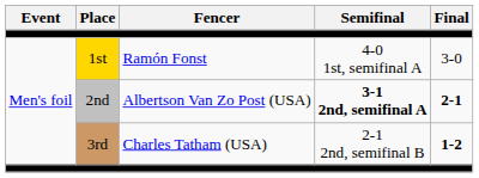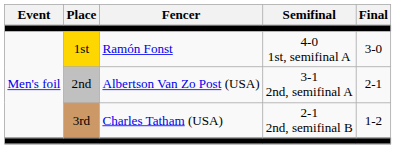 <table class=wikitable>
 <tr>
 <th>Event</th>
 <th>Place</th>
 <th>Fencer</th>
 <th>Semifinal</th>
 <th>Final</th>
 </tr>
 <tr bgcolor=black>
 <td colspan=5></td>
 </tr>
 <tr align=center>
 <td rowspan=3><a href='#'>Men's foil</a></td>
 <td bgcolor=gold>1st</td>
 <td align=left><a href='#'>Ramón Fonst</a></td>
 <td>4-0 <br> 1st, semifinal A</td>
 <td>3-0</td>
 </tr>
 <tr align=center>
 <td bgcolor=silver>2nd</td>
 <td align=left><a href='#'>Albertson Van Zo Post</a> (USA)</td>
-<td><strong>3-1 <br> 2nd, semifinal A</strong></td>
-<td><strong>2-1</strong></td>
+<td>3-1 <br> 2nd, semifinal A</td>
+<td>2-1</td>
 </tr>
 <tr align=center>
 <td bgcolor=cc9966>3rd</td>
 <td align=left><a href='#'>Charles Tatham</a> (USA)</td>
 <td>2-1 <br> 2nd, semifinal B</td>
-<td><strong>1-2</strong></td>
+<td>1-2</td>
 </tr>
 <tr bgcolor=black>
 <td colspan=5></td>
 </tr>
 </table>
